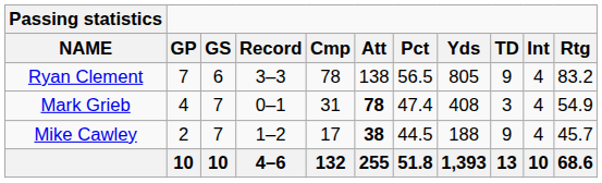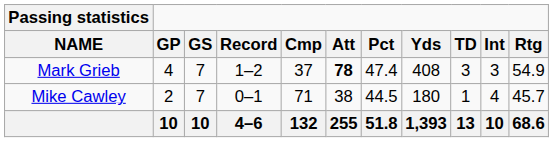 <table class="wikitable sortable" style="text-align:center;">
 <tr>
 <th style="text-align:center;">Passing statistics</th>
 </tr>
 <tr>
 <th>NAME</th>
 <th>GP</th>
 <th>GS</th>
 <th>Record</th>
 <th>Cmp</th>
 <th>Att</th>
 <th>Pct</th>
 <th>Yds</th>
 <th>TD</th>
 <th>Int</th>
 <th>Rtg</th>
 </tr>
 <tr>
-<td><a href='#'>Ryan Clement</a></td>
-<td>7</td>
-<td>6</td>
-<td>3–3</td>
-<td>78</td>
-<td>138</td>
-<td>56.5</td>
-<td>805</td>
-<td>9</td>
-<td>4</td>
-<td>83.2</td>
-</tr>
-<tr>
 <td><a href='#'>Mark Grieb</a></td>
 <td>4</td>
 <td>7</td>
-<td>0–1</td>
-<td>31</td>
+<td>1–2</td>
+<td>37</td>
 <td><strong>78</strong></td>
 <td>47.4</td>
 <td>408</td>
 <td>3</td>
-<td>4</td>
+<td>3</td>
 <td>54.9</td>
 </tr>
 <tr>
 <td><a href='#'>Mike Cawley</a></td>
 <td>2</td>
 <td>7</td>
-<td>1–2</td>
-<td>17</td>
-<td><strong>38</strong></td>
+<td>0–1</td>
+<td>71</td>
+<td>38</td>
 <td>44.5</td>
-<td>188</td>
-<td>9</td>
+<td>180</td>
+<td>1</td>
 <td>4</td>
 <td>45.7</td>
 </tr>
 <tr>
 <th colspan="1"></th>
 <th>10</th>
 <th>10</th>
 <th>4–6</th>
 <th>132</th>
 <th>255</th>
 <th>51.8</th>
 <th>1,393</th>
 <th>13</th>
 <th>10</th>
 <th>68.6</th>
 </tr>
 </table>
